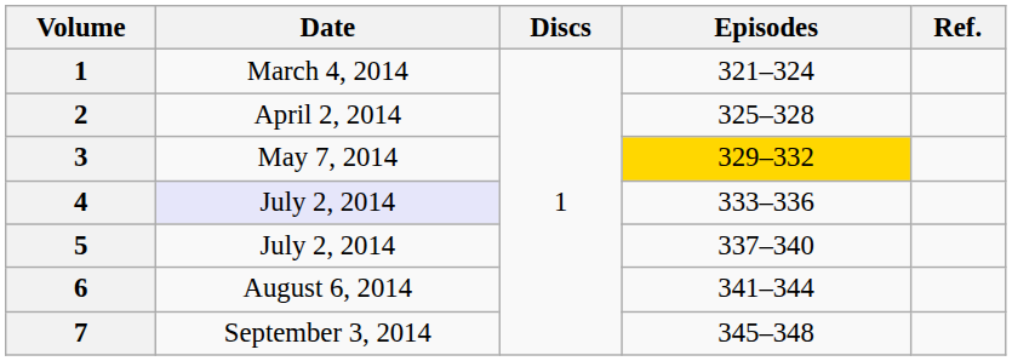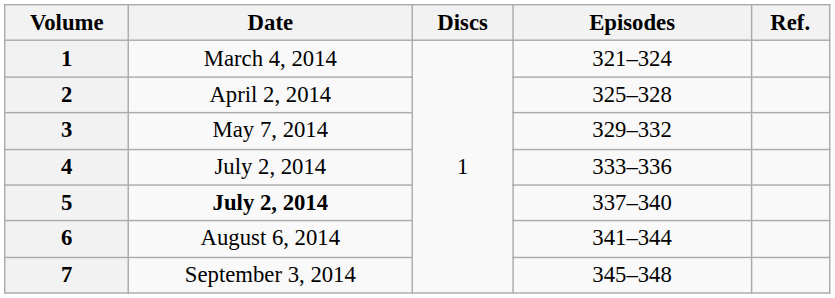 <table class="wikitable" style="text-align:center;">
 <tr>
 <th scope="col" style="width:5em;">Volume</th>
 <th scope="col" style="width:12em;">Date</th>
 <th scope="col" style="width:4em;">Discs</th>
 <th scope="col" style="width:10em;">Episodes</th>
 <th scope="col" style="width:3em;">Ref.</th>
 </tr>
 <tr>
 <th scope="row">1</th>
 <td>March 4, 2014</td>
 <td rowspan="7">1</td>
 <td>321–324</td>
 <td></td>
 </tr>
 <tr>
 <th scope="row">2</th>
 <td>April 2, 2014</td>
 <td>325–328</td>
 <td></td>
 </tr>
 <tr>
 <th scope="row">3</th>
 <td>May 7, 2014</td>
-<td style="background: gold;">329–332</td>
+<td>329–332</td>
 <td></td>
 </tr>
 <tr>
 <th scope="row">4</th>
-<td style="background: lavender;">July 2, 2014</td>
+<td>July 2, 2014</td>
 <td>333–336</td>
 <td></td>
 </tr>
 <tr>
 <th scope="row">5</th>
-<td>July 2, 2014</td>
+<td><strong>July 2, 2014</strong></td>
 <td>337–340</td>
 <td></td>
 </tr>
 <tr>
 <th scope="row">6</th>
 <td>August 6, 2014</td>
 <td>341–344</td>
 <td></td>
 </tr>
 <tr>
 <th scope="row">7</th>
 <td>September 3, 2014</td>
 <td>345–348</td>
 <td></td>
 </tr>
 </table>
